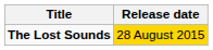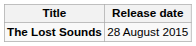 <table class="wikitable plainrowheaders" style="text-align:center;" border="1">
 <tr>
 <th>Title</th>
 <th>Release date</th>
 </tr>
 <tr b>
 <td><strong>The Lost Sounds</strong></td>
-<td style="background: gold;">28 August 2015</td>
+<td>28 August 2015</td>
 </tr>
 </table>
